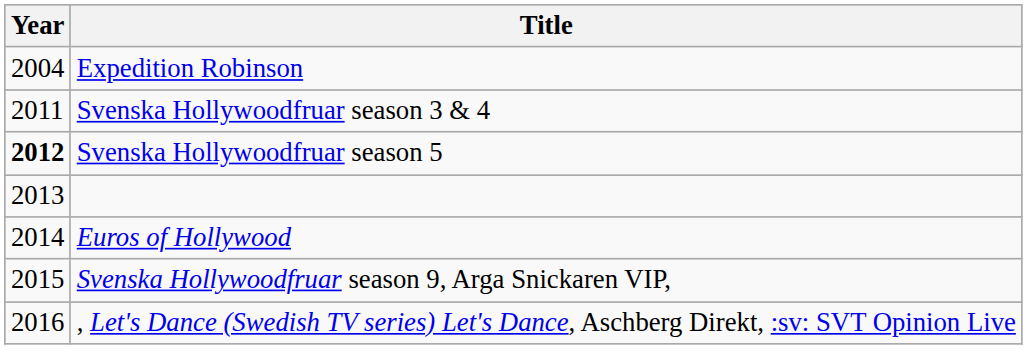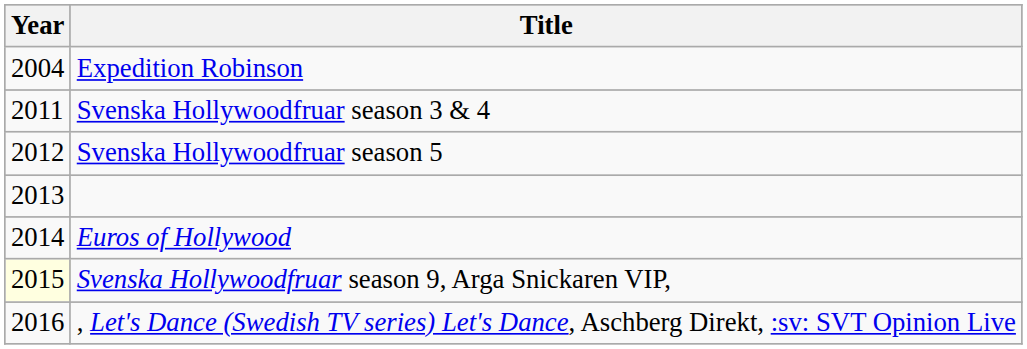 <table class="wikitable sortable">
 <tr>
 <th>Year</th>
 <th>Title</th>
 </tr>
 <tr>
 <td>2004</td>
 <td><a href='#'>Expedition Robinson</a></td>
 </tr>
 <tr>
 <td>2011</td>
 <td><a href='#'>Svenska Hollywoodfruar</a> season 3 & 4</td>
 </tr>
 <tr>
-<td><strong>2012</strong></td>
+<td>2012</td>
 <td><a href='#'>Svenska Hollywoodfruar</a> season 5</td>
 </tr>
 <tr>
 <td>2013</td>
 <td><em></em></td>
 </tr>
 <tr>
 <td>2014</td>
 <td><em><a href='#'>Euros of Hollywood</a></em></td>
 </tr>
 <tr>
-<td>2015</td>
+<td style="background: lightyellow;">2015</td>
 <td><em><a href='#'>Svenska Hollywoodfruar</a></em> season 9, Arga Snickaren VIP, </td>
 </tr>
 <tr>
 <td>2016</td>
 <td><em></em>, <em><a href='#'>Let's Dance (Swedish TV series) Let's Dance</a></em>, Aschberg Direkt, <a href='#'>:sv: SVT Opinion Live</a></td>
 </tr>
 </table>
